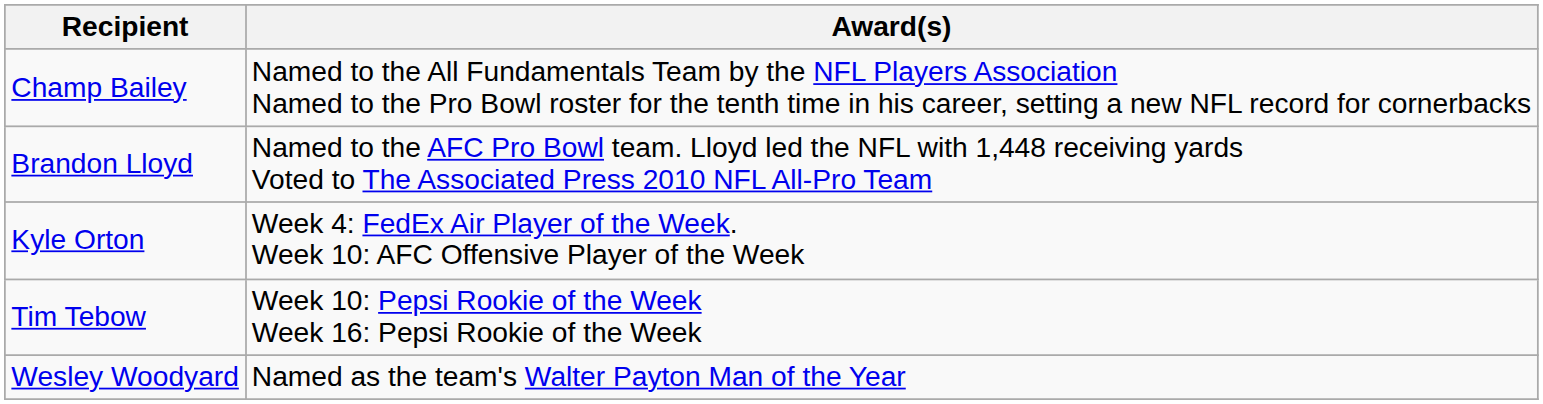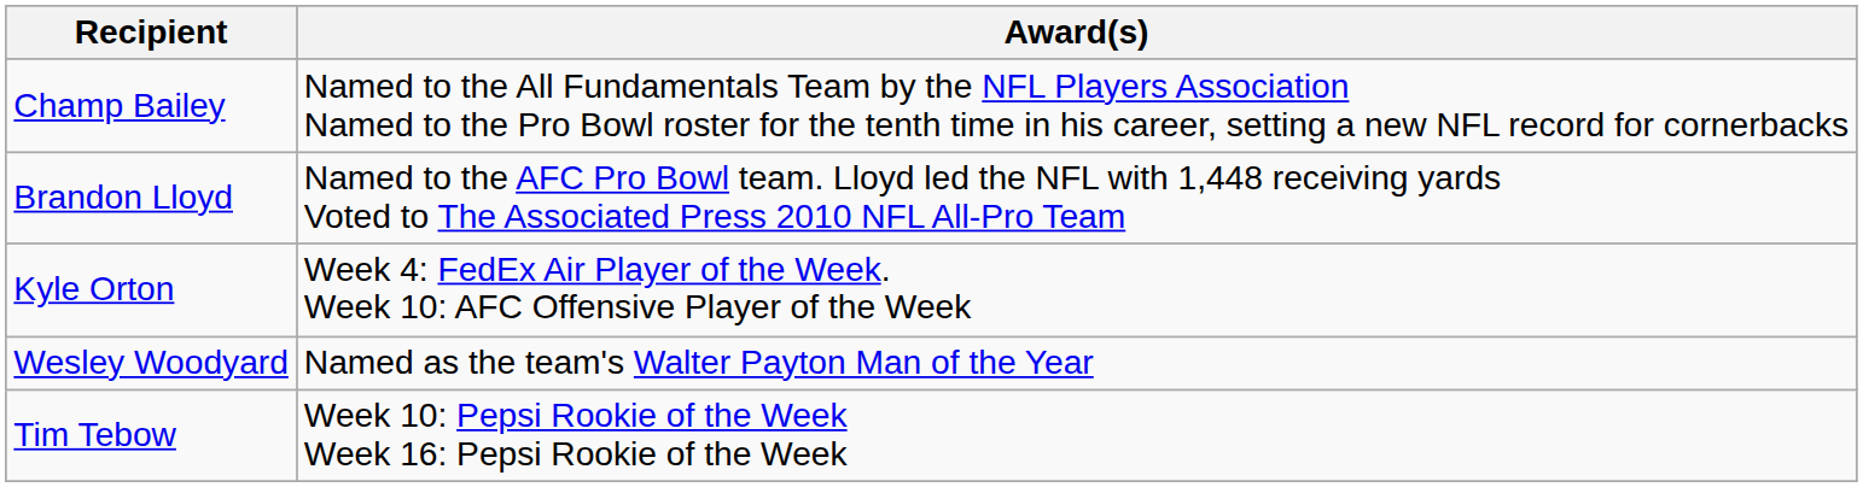 <table class="wikitable">
 <tr>
 <th>Recipient</th>
 <th>Award(s)</th>
 </tr>
 <tr>
 <td><a href='#'>Champ Bailey</a></td>
 <td>Named to the All Fundamentals Team by the <a href='#'>NFL Players Association</a><br>Named to the Pro Bowl roster for the tenth time in his career, setting a new NFL record for cornerbacks</td>
 </tr>
 <tr>
 <td><a href='#'>Brandon Lloyd</a></td>
 <td>Named to the <a href='#'>AFC Pro Bowl</a> team. Lloyd led the NFL with 1,448 receiving yards<br>Voted to <a href='#'>The Associated Press 2010 NFL All-Pro Team</a></td>
 </tr>
 <tr>
 <td><a href='#'>Kyle Orton</a></td>
 <td>Week 4: <a href='#'>FedEx Air Player of the Week</a>.<br>Week 10: AFC Offensive Player of the Week</td>
 </tr>
 <tr>
+<td><a href='#'>Wesley Woodyard</a></td>
+<td>Named as the team's <a href='#'>Walter Payton Man of the Year</a></td>
+</tr>
+<tr>
 <td><a href='#'>Tim Tebow</a></td>
 <td>Week 10: <a href='#'>Pepsi Rookie of the Week</a><br>Week 16: Pepsi Rookie of the Week</td>
 </tr>
-<tr>
-<td><a href='#'>Wesley Woodyard</a></td>
-<td>Named as the team's <a href='#'>Walter Payton Man of the Year</a></td>
-</tr>
 </table>
